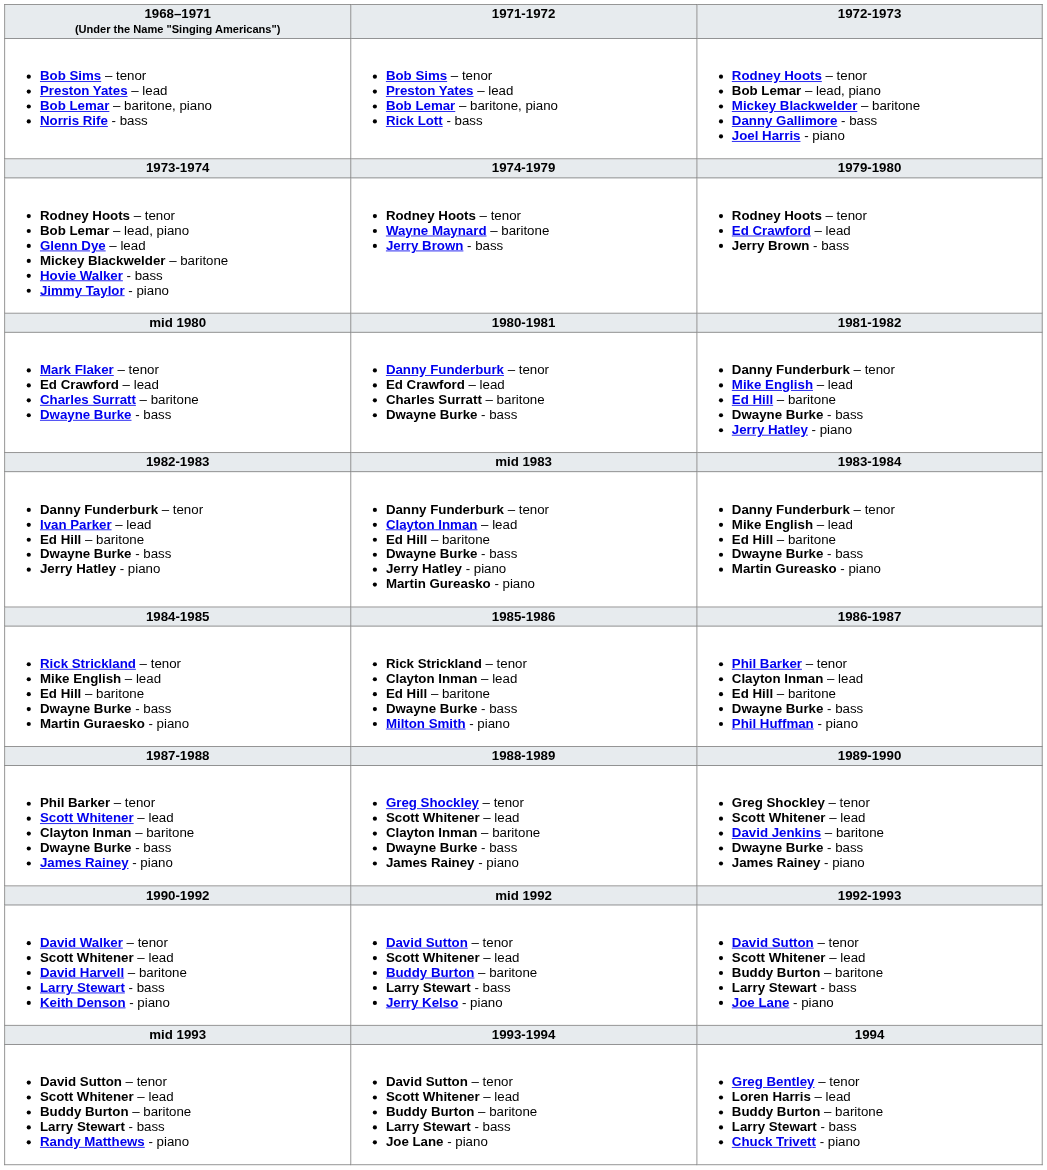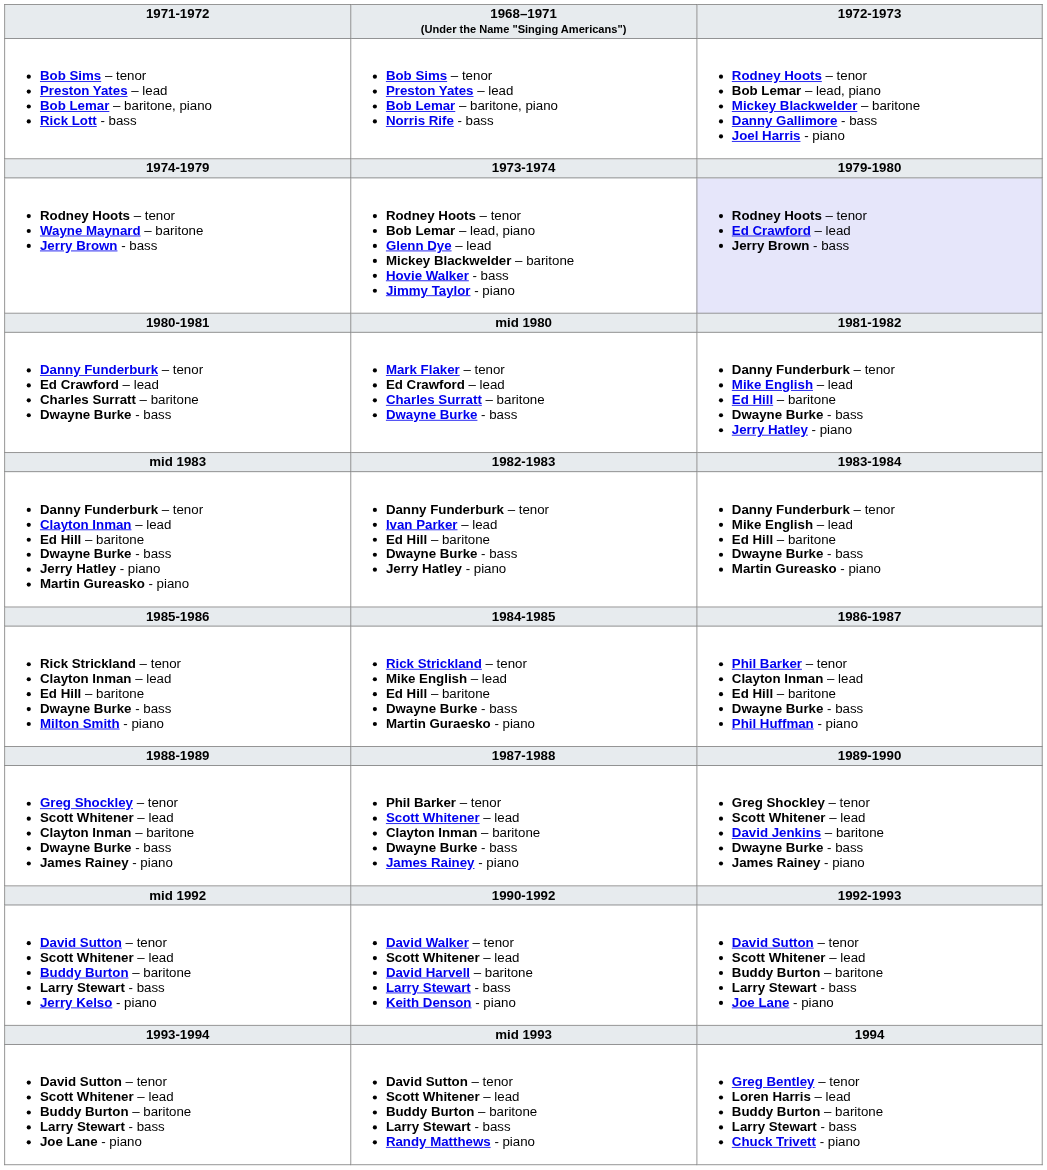 <table class="toccolours" border="1" cellspacing="0" cellpadding="2" style="float: width; margin: 0 0 1em 1em; border-collapse: collapse; width:99%">
 <tr>
+<th width="25%" valign="top" bgcolor="#E7EBEE">1971-1972</th>
 <th width="25%" valign="top" bgcolor="#E7EBEE">1968–1971<br><small>(Under the Name "Singing Americans")</small></th>
-<th width="25%" valign="top" bgcolor="#E7EBEE">1971-1972</th>
 <th width="25%" valign="top" bgcolor="#E7EBEE">1972-1973</th>
 </tr>
 <tr>
+<td valign="top"><br><ul><li><strong><a href='#'>Bob Sims</a></strong> – tenor</li><li><strong><a href='#'>Preston Yates</a></strong> – lead</li><li><strong><a href='#'>Bob Lemar</a></strong> – baritone, piano</li><li><strong><a href='#'>Rick Lott</a></strong> - bass</li></ul></td>
 <td valign="top"><br><ul><li><strong><a href='#'>Bob Sims</a></strong> – tenor</li><li><strong><a href='#'>Preston Yates</a></strong> – lead</li><li><strong><a href='#'>Bob Lemar</a></strong> – baritone, piano</li><li><strong><a href='#'>Norris Rife</a></strong> - bass</li></ul></td>
-<td valign="top"><br><ul><li><strong><a href='#'>Bob Sims</a></strong> – tenor</li><li><strong><a href='#'>Preston Yates</a></strong> – lead</li><li><strong><a href='#'>Bob Lemar</a></strong> – baritone, piano</li><li><strong><a href='#'>Rick Lott</a></strong> - bass</li></ul></td>
 <td valign="top"><br><ul><li><strong><a href='#'>Rodney Hoots</a></strong> – tenor</li><li><strong>Bob Lemar</strong> – lead, piano</li><li><strong><a href='#'>Mickey Blackwelder</a></strong> – baritone</li><li><strong><a href='#'>Danny Gallimore</a></strong> - bass</li><li><strong><a href='#'>Joel Harris</a></strong> - piano</li></ul></td>
 </tr>
 <tr>
+<th width="25%" valign="top" bgcolor="#E7EBEE">1974-1979</th>
 <th width="25%" valign="top" bgcolor="#E7EBEE">1973-1974</th>
-<th width="25%" valign="top" bgcolor="#E7EBEE">1974-1979</th>
 <th width="25%" valign="top" bgcolor="#E7EBEE">1979-1980</th>
 </tr>
 <tr>
+<td valign="top"><br><ul><li><strong>Rodney Hoots</strong> – tenor</li><li><strong><a href='#'>Wayne Maynard</a></strong> – baritone</li><li><strong><a href='#'>Jerry Brown</a></strong> - bass</li></ul></td>
 <td valign="top"><br><ul><li><strong>Rodney Hoots</strong> – tenor</li><li><strong>Bob Lemar</strong> – lead, piano</li><li><strong><a href='#'>Glenn Dye</a></strong> – lead</li><li><strong>Mickey Blackwelder</strong> – baritone</li><li><strong><a href='#'>Hovie Walker</a></strong> - bass</li><li><strong><a href='#'>Jimmy Taylor</a></strong> - piano</li></ul></td>
-<td valign="top"><br><ul><li><strong>Rodney Hoots</strong> – tenor</li><li><strong><a href='#'>Wayne Maynard</a></strong> – baritone</li><li><strong><a href='#'>Jerry Brown</a></strong> - bass</li></ul></td>
-<td valign="top"><br><ul><li><strong>Rodney Hoots</strong> – tenor</li><li><strong><a href='#'>Ed Crawford</a></strong> – lead</li><li><strong>Jerry Brown</strong> - bass</li></ul></td>
+<td valign="top" style="background: lavender;"><br><ul><li><strong>Rodney Hoots</strong> – tenor</li><li><strong><a href='#'>Ed Crawford</a></strong> – lead</li><li><strong>Jerry Brown</strong> - bass</li></ul></td>
 </tr>
 <tr>
+<th width="25%" valign="top" bgcolor="#E7EBEE">1980-1981</th>
 <th width="25%" valign="top" bgcolor="#E7EBEE">mid 1980</th>
-<th width="25%" valign="top" bgcolor="#E7EBEE">1980-1981</th>
 <th width="25%" valign="top" bgcolor="#E7EBEE">1981-1982</th>
 </tr>
 <tr>
+<td valign="top"><br><ul><li><strong><a href='#'>Danny Funderburk</a></strong> – tenor</li><li><strong>Ed Crawford</strong> – lead</li><li><strong>Charles Surratt</strong> – baritone</li><li><strong>Dwayne Burke</strong> - bass</li></ul></td>
 <td valign="top"><br><ul><li><strong><a href='#'>Mark Flaker</a></strong> – tenor</li><li><strong>Ed Crawford</strong> – lead</li><li><strong><a href='#'>Charles Surratt</a></strong> – baritone</li><li><strong><a href='#'>Dwayne Burke</a></strong> - bass</li></ul></td>
-<td valign="top"><br><ul><li><strong><a href='#'>Danny Funderburk</a></strong> – tenor</li><li><strong>Ed Crawford</strong> – lead</li><li><strong>Charles Surratt</strong> – baritone</li><li><strong>Dwayne Burke</strong> - bass</li></ul></td>
 <td valign="top"><br><ul><li><strong>Danny Funderburk</strong> – tenor</li><li><strong><a href='#'>Mike English</a></strong> – lead</li><li><strong><a href='#'>Ed Hill</a></strong> – baritone</li><li><strong>Dwayne Burke</strong> - bass</li><li><strong><a href='#'>Jerry Hatley</a></strong> - piano</li></ul></td>
 </tr>
 <tr>
+<th width="25%" valign="top" bgcolor="#E7EBEE">mid 1983</th>
 <th width="25%" valign="top" bgcolor="#E7EBEE">1982-1983</th>
-<th width="25%" valign="top" bgcolor="#E7EBEE">mid 1983</th>
 <th width="25%" valign="top" bgcolor="#E7EBEE">1983-1984</th>
 </tr>
 <tr>
+<td valign="top"><br><ul><li><strong>Danny Funderburk</strong> – tenor</li><li><strong><a href='#'>Clayton Inman</a></strong> – lead</li><li><strong>Ed Hill</strong> – baritone</li><li><strong>Dwayne Burke</strong> - bass</li><li><strong>Jerry Hatley</strong> - piano</li><li><strong>Martin Gureasko</strong> - piano</li></ul></td>
 <td valign="top"><br><ul><li><strong>Danny Funderburk</strong> – tenor</li><li><strong><a href='#'>Ivan Parker</a></strong> – lead</li><li><strong>Ed Hill</strong> – baritone</li><li><strong>Dwayne Burke</strong> - bass</li><li><strong>Jerry Hatley</strong> - piano</li></ul></td>
-<td valign="top"><br><ul><li><strong>Danny Funderburk</strong> – tenor</li><li><strong><a href='#'>Clayton Inman</a></strong> – lead</li><li><strong>Ed Hill</strong> – baritone</li><li><strong>Dwayne Burke</strong> - bass</li><li><strong>Jerry Hatley</strong> - piano</li><li><strong>Martin Gureasko</strong> - piano</li></ul></td>
 <td valign="top"><br><ul><li><strong>Danny Funderburk</strong> – tenor</li><li><strong>Mike English</strong> – lead</li><li><strong>Ed Hill</strong> – baritone</li><li><strong>Dwayne Burke</strong> - bass</li><li><strong>Martin Gureasko</strong> - piano</li></ul></td>
 </tr>
 <tr>
+<th width="25%" valign="top" bgcolor="#E7EBEE">1985-1986</th>
 <th width="25%" valign="top" bgcolor="#E7EBEE">1984-1985</th>
-<th width="25%" valign="top" bgcolor="#E7EBEE">1985-1986</th>
 <th width="25%" valign="top" bgcolor="#E7EBEE">1986-1987</th>
 </tr>
 <tr>
+<td valign="top"><br><ul><li><strong>Rick Strickland</strong> – tenor</li><li><strong>Clayton Inman</strong> – lead</li><li><strong>Ed Hill</strong> – baritone</li><li><strong>Dwayne Burke</strong> - bass</li><li><strong><a href='#'>Milton Smith</a></strong> - piano</li></ul></td>
 <td valign="top"><br><ul><li><strong><a href='#'>Rick Strickland</a></strong> – tenor</li><li><strong>Mike English</strong> – lead</li><li><strong>Ed Hill</strong> – baritone</li><li><strong>Dwayne Burke</strong> - bass</li><li><strong>Martin Guraesko</strong> - piano</li></ul></td>
-<td valign="top"><br><ul><li><strong>Rick Strickland</strong> – tenor</li><li><strong>Clayton Inman</strong> – lead</li><li><strong>Ed Hill</strong> – baritone</li><li><strong>Dwayne Burke</strong> - bass</li><li><strong><a href='#'>Milton Smith</a></strong> - piano</li></ul></td>
 <td valign="top"><br><ul><li><strong><a href='#'>Phil Barker</a></strong> – tenor</li><li><strong>Clayton Inman</strong> – lead</li><li><strong>Ed Hill</strong> – baritone</li><li><strong>Dwayne Burke</strong> - bass</li><li><strong><a href='#'>Phil Huffman</a></strong> - piano</li></ul></td>
 </tr>
 <tr>
+<th width="25%" valign="top" bgcolor="#E7EBEE">1988-1989</th>
 <th width="25%" valign="top" bgcolor="#E7EBEE">1987-1988</th>
-<th width="25%" valign="top" bgcolor="#E7EBEE">1988-1989</th>
 <th width="25%" valign="top" bgcolor="#E7EBEE">1989-1990</th>
 </tr>
 <tr>
+<td valign="top"><br><ul><li><strong><a href='#'>Greg Shockley</a></strong> – tenor</li><li><strong>Scott Whitener</strong> – lead</li><li><strong>Clayton Inman</strong> – baritone</li><li><strong>Dwayne Burke</strong> - bass</li><li><strong>James Rainey</strong> - piano</li></ul></td>
 <td valign="top"><br><ul><li><strong>Phil Barker</strong> – tenor</li><li><strong><a href='#'>Scott Whitener</a></strong> – lead</li><li><strong>Clayton Inman</strong> – baritone</li><li><strong>Dwayne Burke</strong> - bass</li><li><strong><a href='#'>James Rainey</a></strong> - piano</li></ul></td>
-<td valign="top"><br><ul><li><strong><a href='#'>Greg Shockley</a></strong> – tenor</li><li><strong>Scott Whitener</strong> – lead</li><li><strong>Clayton Inman</strong> – baritone</li><li><strong>Dwayne Burke</strong> - bass</li><li><strong>James Rainey</strong> - piano</li></ul></td>
 <td valign="top"><br><ul><li><strong>Greg Shockley</strong> – tenor</li><li><strong>Scott Whitener</strong> – lead</li><li><strong><a href='#'>David Jenkins</a></strong> – baritone</li><li><strong>Dwayne Burke</strong> - bass</li><li><strong>James Rainey</strong> - piano</li></ul></td>
 </tr>
 <tr>
+<th width="25%" valign="top" bgcolor="#E7EBEE">mid 1992</th>
 <th width="25%" valign="top" bgcolor="#E7EBEE">1990-1992</th>
-<th width="25%" valign="top" bgcolor="#E7EBEE">mid 1992</th>
 <th width="25%" valign="top" bgcolor="#E7EBEE">1992-1993</th>
 </tr>
 <tr>
+<td valign="top"><br><ul><li><strong><a href='#'>David Sutton</a></strong> – tenor</li><li><strong>Scott Whitener</strong> – lead</li><li><strong><a href='#'>Buddy Burton</a></strong> – baritone</li><li><strong>Larry Stewart</strong> - bass</li><li><strong><a href='#'>Jerry Kelso</a></strong> - piano</li></ul></td>
 <td valign="top"><br><ul><li><strong><a href='#'>David Walker</a></strong> – tenor</li><li><strong>Scott Whitener</strong> – lead</li><li><strong><a href='#'>David Harvell</a></strong> – baritone</li><li><strong><a href='#'>Larry Stewart</a></strong> - bass</li><li><strong><a href='#'>Keith Denson</a></strong> - piano</li></ul></td>
-<td valign="top"><br><ul><li><strong><a href='#'>David Sutton</a></strong> – tenor</li><li><strong>Scott Whitener</strong> – lead</li><li><strong><a href='#'>Buddy Burton</a></strong> – baritone</li><li><strong>Larry Stewart</strong> - bass</li><li><strong><a href='#'>Jerry Kelso</a></strong> - piano</li></ul></td>
 <td valign="top"><br><ul><li><strong><a href='#'>David Sutton</a></strong> – tenor</li><li><strong>Scott Whitener</strong> – lead</li><li><strong>Buddy Burton</strong> – baritone</li><li><strong>Larry Stewart</strong> - bass</li><li><strong><a href='#'>Joe Lane</a></strong> - piano</li></ul></td>
 </tr>
 <tr>
+<th width="25%" valign="top" bgcolor="#E7EBEE">1993-1994</th>
 <th width="25%" valign="top" bgcolor="#E7EBEE">mid 1993</th>
-<th width="25%" valign="top" bgcolor="#E7EBEE">1993-1994</th>
 <th width="25%" valign="top" bgcolor="#E7EBEE">1994</th>
 </tr>
 <tr>
+<td valign="top"><br><ul><li><strong>David Sutton</strong> – tenor</li><li><strong>Scott Whitener</strong> – lead</li><li><strong>Buddy Burton</strong> – baritone</li><li><strong>Larry Stewart</strong> - bass</li><li><strong>Joe Lane</strong> - piano</li></ul></td>
 <td valign="top"><br><ul><li><strong>David Sutton</strong> – tenor</li><li><strong>Scott Whitener</strong> – lead</li><li><strong>Buddy Burton</strong> – baritone</li><li><strong>Larry Stewart</strong> - bass</li><li><strong><a href='#'>Randy Matthews</a></strong> - piano</li></ul></td>
-<td valign="top"><br><ul><li><strong>David Sutton</strong> – tenor</li><li><strong>Scott Whitener</strong> – lead</li><li><strong>Buddy Burton</strong> – baritone</li><li><strong>Larry Stewart</strong> - bass</li><li><strong>Joe Lane</strong> - piano</li></ul></td>
 <td valign="top"><br><ul><li><strong><a href='#'>Greg Bentley</a></strong> – tenor</li><li><strong>Loren Harris</strong> – lead</li><li><strong>Buddy Burton</strong> – baritone</li><li><strong>Larry Stewart</strong> - bass</li><li><strong><a href='#'>Chuck Trivett</a></strong> - piano</li></ul></td>
 </tr>
 </table>
